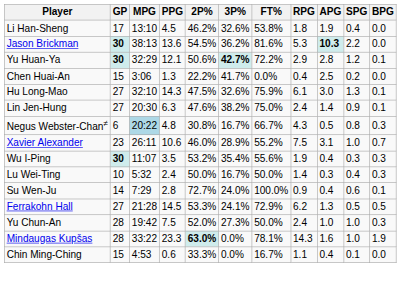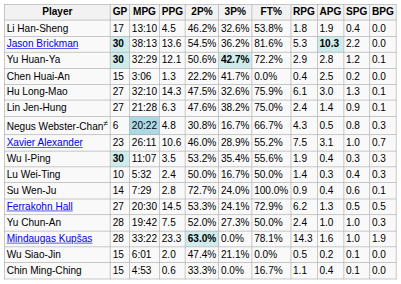 <table class="wikitable">
 <tr>
 <th>Player</th>
 <th>GP</th>
 <th>MPG</th>
 <th>PPG</th>
 <th>2P%</th>
 <th>3P%</th>
 <th>FT%</th>
 <th>RPG</th>
 <th>APG</th>
 <th>SPG</th>
 <th>BPG</th>
 </tr>
 <tr>
 <td>Li Han-Sheng</td>
 <td>17</td>
 <td>13:10</td>
 <td>4.5</td>
 <td>46.2%</td>
 <td>32.6%</td>
 <td>53.8%</td>
 <td>1.8</td>
 <td>1.9</td>
 <td>0.4</td>
 <td>0.0</td>
 </tr>
 <tr>
 <td><a href='#'>Jason Brickman</a></td>
 <td style="background-color: #CFECEC"><strong>30</strong></td>
 <td>38:13</td>
 <td>13.6</td>
 <td>54.5%</td>
 <td>36.2%</td>
 <td>81.6%</td>
 <td>5.3</td>
 <td style="background-color: #CFECEC"><strong>10.3</strong></td>
 <td>2.2</td>
 <td>0.0</td>
 </tr>
 <tr>
 <td>Yu Huan-Ya</td>
 <td style="background-color: #CFECEC"><strong>30</strong></td>
 <td>32:29</td>
 <td>12.1</td>
 <td>50.6%</td>
 <td style="background-color: #CFECEC"><strong>42.7%</strong></td>
 <td>72.2%</td>
 <td>2.9</td>
 <td>2.8</td>
 <td>1.2</td>
 <td>0.1</td>
 </tr>
 <tr>
 <td>Chen Huai-An</td>
 <td>15</td>
 <td>3:06</td>
 <td>1.3</td>
 <td>22.2%</td>
 <td>41.7%</td>
 <td>0.0%</td>
 <td>0.4</td>
 <td>2.5</td>
 <td>0.2</td>
 <td>0.0</td>
 </tr>
 <tr>
 <td>Hu Long-Mao</td>
 <td>27</td>
 <td>32:10</td>
 <td>14.3</td>
 <td>47.5%</td>
 <td>32.6%</td>
 <td>75.9%</td>
 <td>6.1</td>
 <td>3.0</td>
 <td>1.3</td>
 <td>0.1</td>
 </tr>
 <tr>
 <td>Lin Jen-Hung</td>
 <td>27</td>
-<td>20:30</td>
+<td>21:28</td>
 <td>6.3</td>
 <td>47.6%</td>
 <td>38.2%</td>
 <td>75.0%</td>
 <td>2.4</td>
 <td>1.4</td>
 <td>0.9</td>
 <td>0.1</td>
 </tr>
 <tr>
 <td>Negus Webster-Chan<sup>≠</sup></td>
 <td>6</td>
 <td style="background: lightblue;">20:22</td>
 <td>4.8</td>
 <td>30.8%</td>
 <td>16.7%</td>
 <td>66.7%</td>
 <td>4.3</td>
 <td>0.5</td>
 <td>0.8</td>
 <td>0.3</td>
 </tr>
 <tr>
 <td><a href='#'>Xavier Alexander</a></td>
 <td>23</td>
 <td>26:11</td>
 <td>10.6</td>
 <td>46.0%</td>
 <td>28.9%</td>
 <td>55.2%</td>
 <td>7.5</td>
 <td>3.1</td>
 <td>1.0</td>
 <td>0.7</td>
 </tr>
 <tr>
 <td>Wu I-Ping</td>
 <td style="background-color: #CFECEC"><strong>30</strong></td>
 <td>11:07</td>
 <td>3.5</td>
 <td>53.2%</td>
 <td>35.4%</td>
 <td>55.6%</td>
 <td>1.9</td>
 <td>0.4</td>
 <td>0.3</td>
 <td>0.3</td>
 </tr>
 <tr>
 <td>Lu Wei-Ting</td>
 <td>10</td>
 <td>5:32</td>
 <td>2.4</td>
 <td>50.0%</td>
 <td>16.7%</td>
 <td>50.0%</td>
 <td>1.4</td>
 <td>0.3</td>
 <td>0.4</td>
 <td>0.3</td>
 </tr>
 <tr>
 <td>Su Wen-Ju</td>
 <td>14</td>
 <td>7:29</td>
 <td>2.8</td>
 <td>72.7%</td>
 <td>24.0%</td>
 <td>100.0%</td>
 <td>0.9</td>
 <td>0.4</td>
 <td>0.6</td>
 <td>0.1</td>
 </tr>
 <tr>
 <td><a href='#'>Ferrakohn Hall</a></td>
 <td>27</td>
-<td>21:28</td>
+<td>20:30</td>
 <td>14.5</td>
 <td>53.3%</td>
 <td>24.1%</td>
 <td>72.9%</td>
 <td>6.2</td>
 <td>1.3</td>
 <td>0.5</td>
 <td>0.5</td>
 </tr>
 <tr>
 <td>Yu Chun-An</td>
 <td>28</td>
 <td>19:42</td>
 <td>7.5</td>
 <td>52.0%</td>
 <td>27.3%</td>
 <td>50.0%</td>
 <td>2.4</td>
 <td>1.0</td>
 <td>1.0</td>
 <td>0.3</td>
 </tr>
 <tr>
 <td><a href='#'>Mindaugas Kupšas</a></td>
 <td>28</td>
 <td>33:22</td>
 <td>23.3</td>
 <td style="background-color: #CFECEC"><strong>63.0%</strong></td>
 <td>0.0%</td>
 <td>78.1%</td>
 <td>14.3</td>
 <td>1.6</td>
 <td>1.0</td>
 <td>1.9</td>
 </tr>
 <tr>
+<td>Wu Siao-Jin</td>
+<td>15</td>
+<td>6:01</td>
+<td>2.0</td>
+<td>47.4%</td>
+<td>21.1%</td>
+<td>0.0%</td>
+<td>0.5</td>
+<td>0.2</td>
+<td>0.1</td>
+<td>0.0</td>
+</tr>
+<tr>
 <td>Chin Ming-Ching</td>
 <td>15</td>
 <td>4:53</td>
 <td>0.6</td>
 <td>33.3%</td>
 <td>0.0%</td>
 <td>16.7%</td>
 <td>1.1</td>
 <td>0.4</td>
 <td>0.1</td>
 <td>0.0</td>
 </tr>
 </table>
